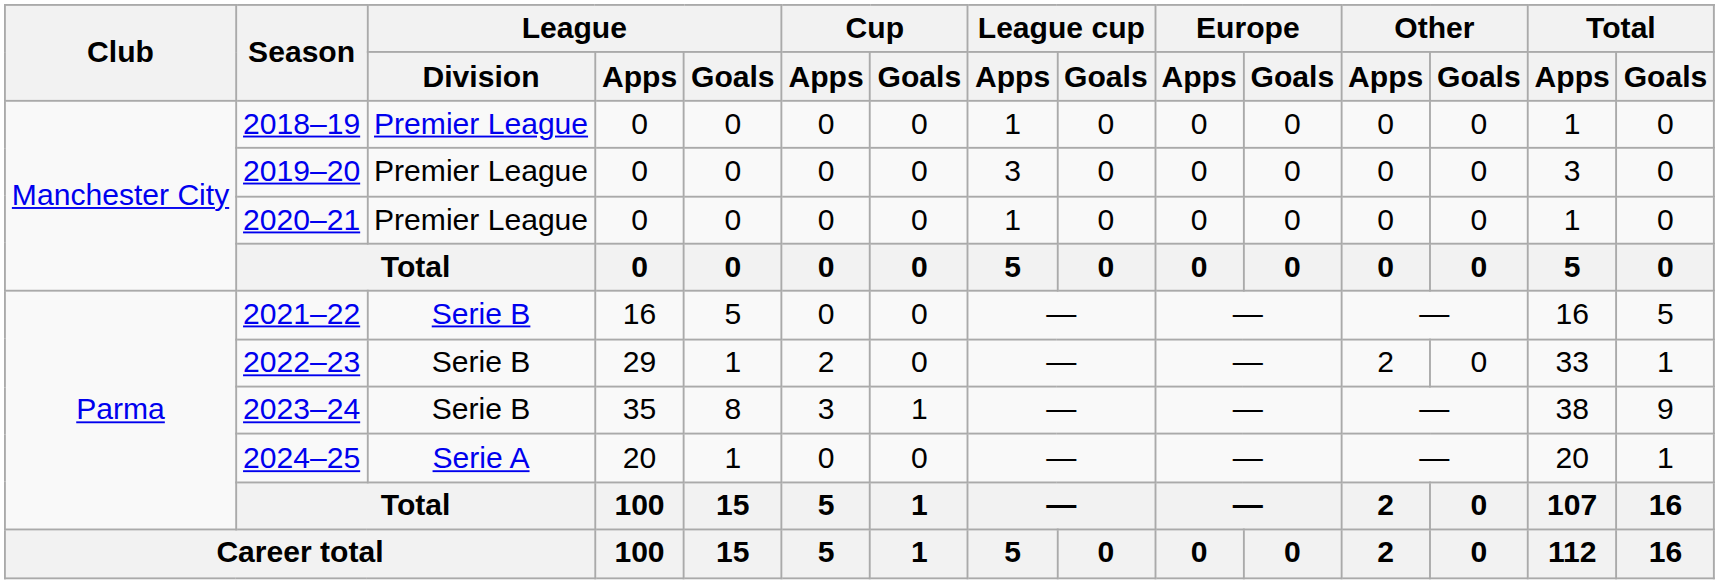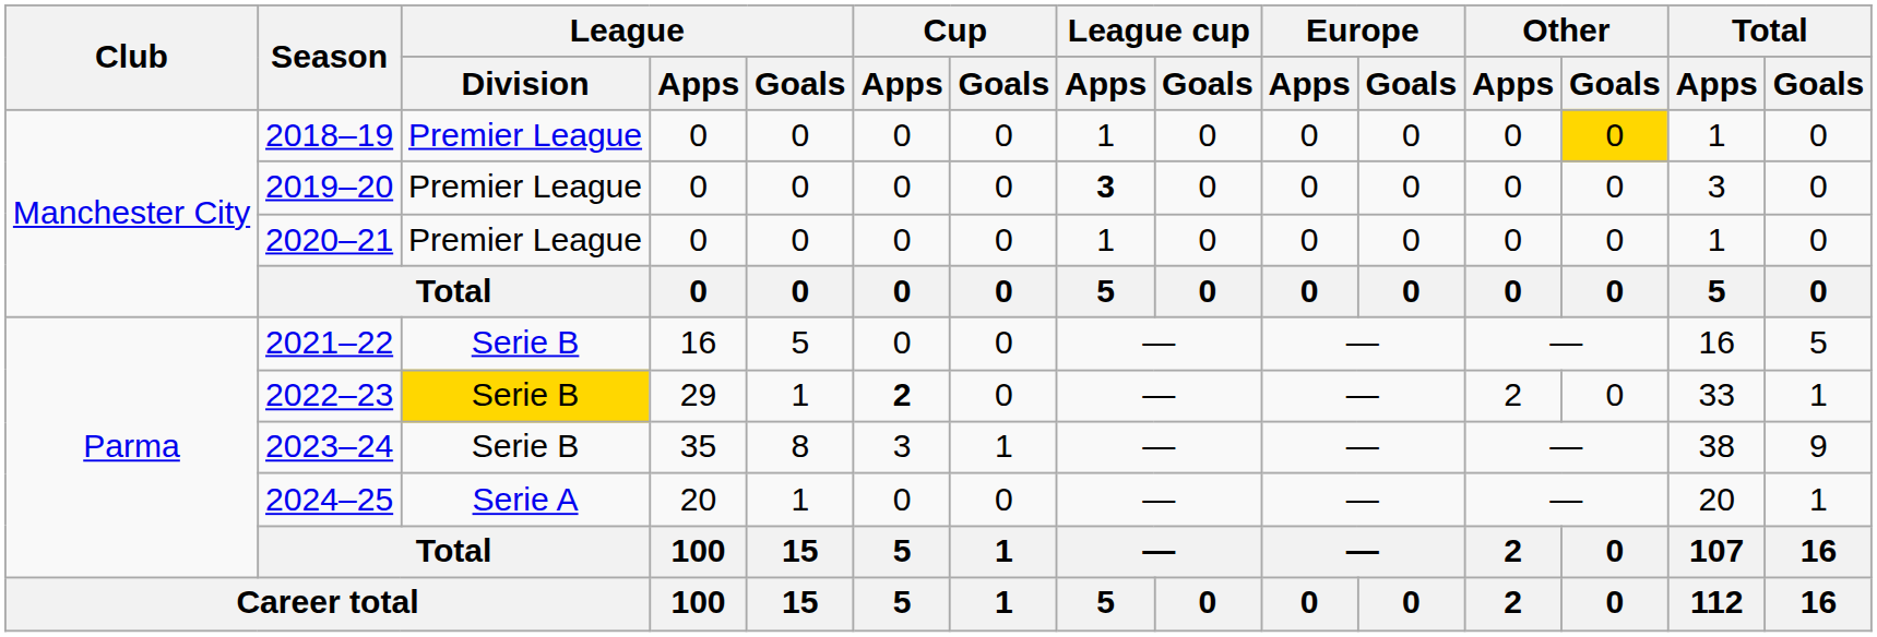 <table class="wikitable" style="text-align: center">
 <tr>
 <th rowspan="2">Club</th>
 <th rowspan="2">Season</th>
 <th colspan="3">League</th>
 <th colspan="2">Cup</th>
 <th colspan="2">League cup</th>
 <th colspan="2">Europe</th>
 <th colspan="2">Other</th>
 <th colspan="2">Total</th>
 </tr>
 <tr>
 <th>Division</th>
 <th>Apps</th>
 <th>Goals</th>
 <th>Apps</th>
 <th>Goals</th>
 <th>Apps</th>
 <th>Goals</th>
 <th>Apps</th>
 <th>Goals</th>
 <th>Apps</th>
 <th>Goals</th>
 <th>Apps</th>
 <th>Goals</th>
 </tr>
 <tr>
 <td rowspan="4"><a href='#'>Manchester City</a></td>
 <td><a href='#'>2018–19</a></td>
 <td><a href='#'>Premier League</a></td>
 <td>0</td>
 <td>0</td>
 <td>0</td>
 <td>0</td>
 <td>1</td>
 <td>0</td>
 <td>0</td>
 <td>0</td>
 <td>0</td>
-<td>0</td>
+<td style="background: gold;">0</td>
 <td>1</td>
 <td>0</td>
 </tr>
 <tr>
 <td><a href='#'>2019–20</a></td>
 <td>Premier League</td>
 <td>0</td>
 <td>0</td>
 <td>0</td>
 <td>0</td>
-<td>3</td>
+<td><strong>3</strong></td>
 <td>0</td>
 <td>0</td>
 <td>0</td>
 <td>0</td>
 <td>0</td>
 <td>3</td>
 <td>0</td>
 </tr>
 <tr>
 <td><a href='#'>2020–21</a></td>
 <td>Premier League</td>
 <td>0</td>
 <td>0</td>
 <td>0</td>
 <td>0</td>
 <td>1</td>
 <td>0</td>
 <td>0</td>
 <td>0</td>
 <td>0</td>
 <td>0</td>
 <td>1</td>
 <td>0</td>
 </tr>
 <tr>
 <th colspan="2">Total</th>
 <th>0</th>
 <th>0</th>
 <th>0</th>
 <th>0</th>
 <th>5</th>
 <th>0</th>
 <th>0</th>
 <th>0</th>
 <th>0</th>
 <th>0</th>
 <th>5</th>
 <th>0</th>
 </tr>
 <tr>
 <td rowspan="5"><a href='#'>Parma</a></td>
 <td><a href='#'>2021–22</a></td>
 <td><a href='#'>Serie B</a></td>
 <td>16</td>
 <td>5</td>
 <td>0</td>
 <td>0</td>
 <td colspan="2">—</td>
 <td colspan="2">—</td>
 <td colspan="2">—</td>
 <td>16</td>
 <td>5</td>
 </tr>
 <tr>
 <td><a href='#'>2022–23</a></td>
-<td>Serie B</td>
+<td style="background: gold;">Serie B</td>
 <td>29</td>
 <td>1</td>
-<td>2</td>
+<td><strong>2</strong></td>
 <td>0</td>
 <td colspan="2">—</td>
 <td colspan="2">—</td>
 <td>2</td>
 <td>0</td>
 <td>33</td>
 <td>1</td>
 </tr>
 <tr>
 <td><a href='#'>2023–24</a></td>
 <td>Serie B</td>
 <td>35</td>
 <td>8</td>
 <td>3</td>
 <td>1</td>
 <td colspan="2">—</td>
 <td colspan="2">—</td>
 <td colspan="2">—</td>
 <td>38</td>
 <td>9</td>
 </tr>
 <tr>
 <td><a href='#'>2024–25</a></td>
 <td><a href='#'>Serie A</a></td>
 <td>20</td>
 <td>1</td>
 <td>0</td>
 <td>0</td>
 <td colspan="2">—</td>
 <td colspan="2">—</td>
 <td colspan="2">—</td>
 <td>20</td>
 <td>1</td>
 </tr>
 <tr>
 <th colspan="2">Total</th>
 <th>100</th>
 <th>15</th>
 <th>5</th>
 <th>1</th>
 <th colspan="2">—</th>
 <th colspan="2">—</th>
 <th>2</th>
 <th>0</th>
 <th>107</th>
 <th>16</th>
 </tr>
 <tr>
 <th colspan="3">Career total</th>
 <th>100</th>
 <th>15</th>
 <th>5</th>
 <th>1</th>
 <th>5</th>
 <th>0</th>
 <th>0</th>
 <th>0</th>
 <th>2</th>
 <th>0</th>
 <th>112</th>
 <th>16</th>
 </tr>
 </table>
